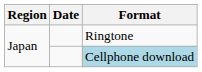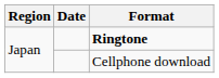 <table class="wikitable">
 <tr>
 <th>Region</th>
 <th>Date</th>
 <th>Format</th>
 </tr>
 <tr>
 <td rowspan="2">Japan</td>
 <td></td>
-<td>Ringtone</td>
+<td><strong>Ringtone</strong></td>
 </tr>
 <tr>
 <td></td>
-<td style="background: lightblue;">Cellphone download</td>
+<td>Cellphone download</td>
 </tr>
 </table>
